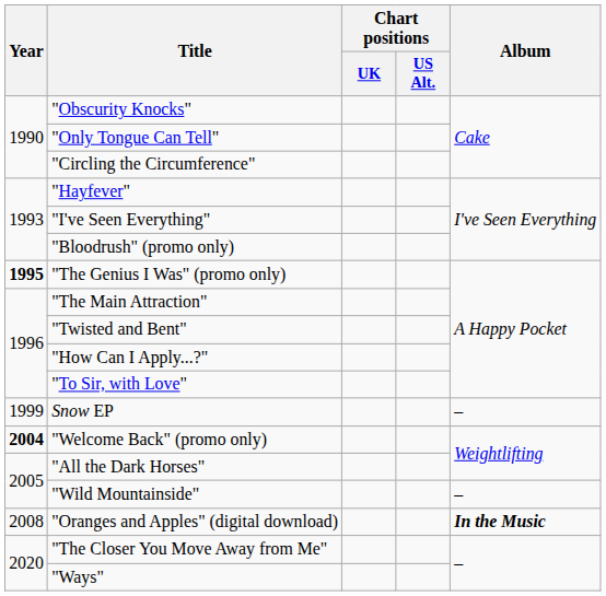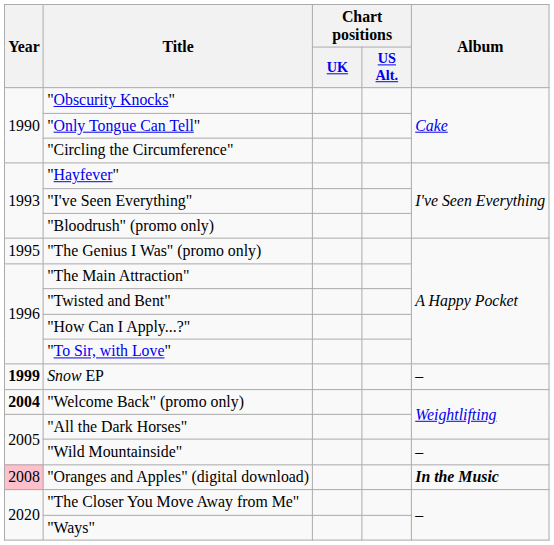 <table class="wikitable">
 <tr>
 <th scope="col" rowspan="2">Year</th>
 <th scope="col" rowspan="2">Title</th>
 <th scope="col" colspan="2">Chart positions</th>
 <th scope="col" rowspan="2">Album</th>
 </tr>
 <tr>
 <th scope="col" style="width:3em;font-size:90%"><a href='#'>UK</a><br></th>
 <th scope="col" style="width:3em;font-size:90%"><a href='#'>US Alt.</a></th>
 </tr>
 <tr>
 <td rowspan="3">1990</td>
 <td>"<a href='#'>Obscurity Knocks</a>"</td>
 <td></td>
 <td></td>
 <td rowspan="3"><em><a href='#'>Cake</a></em></td>
 </tr>
 <tr>
 <td>"<a href='#'>Only Tongue Can Tell</a>"</td>
 <td></td>
 <td></td>
 </tr>
 <tr>
 <td>"Circling the Circumference"</td>
 <td></td>
 <td></td>
 </tr>
 <tr>
 <td rowspan="3">1993</td>
 <td>"<a href='#'>Hayfever</a>"</td>
 <td></td>
 <td></td>
 <td rowspan="3"><em>I've Seen Everything</em></td>
 </tr>
 <tr>
 <td>"I've Seen Everything"</td>
 <td></td>
 <td></td>
 </tr>
 <tr>
 <td>"Bloodrush" (promo only)</td>
 <td></td>
 <td></td>
 </tr>
 <tr>
-<td><strong>1995</strong></td>
+<td>1995</td>
 <td>"The Genius I Was" (promo only)</td>
 <td></td>
 <td></td>
 <td rowspan="5"><em>A Happy Pocket</em></td>
 </tr>
 <tr>
 <td rowspan="4">1996</td>
 <td>"The Main Attraction"</td>
 <td></td>
 <td></td>
 </tr>
 <tr>
 <td>"Twisted and Bent"</td>
 <td></td>
 <td></td>
 </tr>
 <tr>
 <td>"How Can I Apply...?"</td>
 <td></td>
 <td></td>
 </tr>
 <tr>
 <td>"<a href='#'>To Sir, with Love</a>"</td>
 <td></td>
 <td></td>
 </tr>
 <tr>
-<td>1999</td>
+<td><strong>1999</strong></td>
 <td><em>Snow</em> EP</td>
 <td></td>
 <td></td>
 <td>–</td>
 </tr>
 <tr>
 <td><strong>2004</strong></td>
 <td>"Welcome Back" (promo only)</td>
 <td></td>
 <td></td>
 <td rowspan="2"><em><a href='#'>Weightlifting</a></em></td>
 </tr>
 <tr>
 <td rowspan="2">2005</td>
 <td>"All the Dark Horses"</td>
 <td></td>
 <td></td>
 </tr>
 <tr>
 <td>"Wild Mountainside"</td>
 <td></td>
 <td></td>
 <td>–</td>
 </tr>
 <tr>
-<td>2008</td>
+<td style="background: pink;">2008</td>
 <td>"Oranges and Apples" (digital download)</td>
 <td></td>
 <td></td>
 <td><strong><em>In the Music</em></strong></td>
 </tr>
 <tr>
 <td rowspan="2">2020</td>
 <td>"The Closer You Move Away from Me"</td>
 <td></td>
 <td></td>
 <td rowspan="2">–</td>
 </tr>
 <tr>
 <td>"Ways"</td>
 <td></td>
 <td></td>
 </tr>
 </table>
